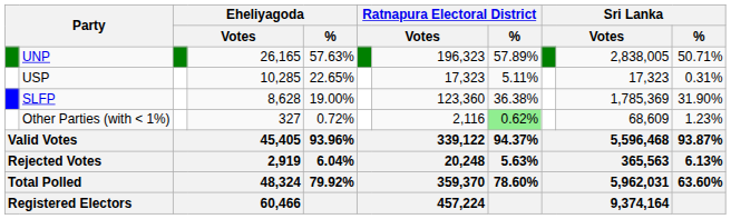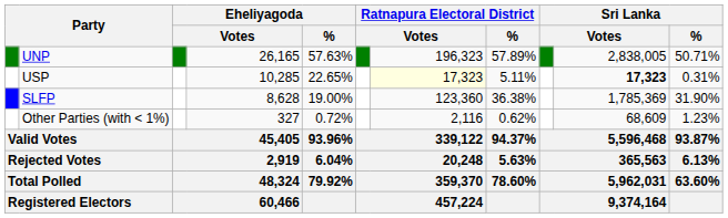 <table class="wikitable">
 <tr>
 <th colspan="2" width="144px"rowspan="2">Party</th>
 <th colspan="3" width="216px">Eheliyagoda</th>
 <th colspan="3" width="216px"><a href='#'>Ratnapura Electoral District</a></th>
 <th colspan="3" width="216px">Sri Lanka</th>
 </tr>
 <tr>
 <th colspan="2" width="144px">Votes</th>
 <th>%</th>
 <th colspan="2" width="144px">Votes</th>
 <th>%</th>
 <th colspan="2" width="144px">Votes</th>
 <th>%</th>
 </tr>
 <tr>
 <td style="background-color:green;" width="10px"></td>
 <td style="text-align:left;"><a href='#'>UNP</a></td>
 <td style="background-color:green;" width="10px"></td>
 <td style="text-align:right;">26,165</td>
 <td style="text-align:right;">57.63%</td>
 <td style="background-color:green;" width="10px"></td>
 <td style="text-align:right;">196,323</td>
 <td style="text-align:right;">57.89%</td>
 <td style="background-color:green;" width="10px"></td>
 <td style="text-align:right;">2,838,005</td>
 <td style="text-align:right;">50.71%</td>
 </tr>
 <tr>
 <td style="background-color:white;" width="10px"></td>
 <td style="text-align:left;">USP</td>
 <td style="background-color:white;" width="10px"></td>
 <td style="text-align:right;">10,285</td>
 <td style="text-align:right;">22.65%</td>
 <td style="background-color:white;" width="10px"></td>
-<td style="text-align:right;">17,323</td>
+<td style="background: lightyellow; text-align:right;">17,323</td>
 <td style="text-align:right;">5.11%</td>
 <td style="background-color:white;" width="10px"></td>
-<td style="text-align:right;">17,323</td>
+<td style="text-align:right;"><strong>17,323</strong></td>
 <td style="text-align:right;">0.31%</td>
 </tr>
 <tr>
 <td style="background-color:blue;" width="10px"></td>
 <td style="text-align:left;"><a href='#'>SLFP</a></td>
 <td style="background-color:white;" width="10px"></td>
 <td style="text-align:right;">8,628</td>
 <td style="text-align:right;">19.00%</td>
 <td style="background-color:white;" width="10px"></td>
 <td style="text-align:right;">123,360</td>
 <td style="text-align:right;">36.38%</td>
 <td style="background-color:white;" width="10px"></td>
 <td style="text-align:right;">1,785,369</td>
 <td style="text-align:right;">31.90%</td>
 </tr>
 <tr>
 <td style="background-color:white;" width="10px"></td>
 <td style="text-align:left;">Other Parties (with < 1%)</td>
 <td style="background-color:white;" width="10px"></td>
 <td style="text-align:right;">327</td>
 <td style="text-align:right;">0.72%</td>
 <td style="background-color:white;" width="10px"></td>
 <td style="text-align:right;">2,116</td>
-<td style="background: lightgreen; text-align:right;">0.62%</td>
+<td style="text-align:right;">0.62%</td>
 <td style="background-color:white;" width="10px"></td>
 <td style="text-align:right;">68,609</td>
 <td style="text-align:right;">1.23%</td>
 </tr>
 <tr>
 <th colspan="2" width="144px"style="text-align:left;">Valid Votes</th>
 <th style="text-align:right;"colspan="2" width="144px">45,405</th>
 <th style="text-align:right;">93.96%</th>
 <th style="text-align:right;"colspan="2" width="144px">339,122</th>
 <th style="text-align:right;">94.37%</th>
 <th style="text-align:right;"colspan="2" width="144px">5,596,468</th>
 <th style="text-align:right;">93.87%</th>
 </tr>
 <tr>
 <th colspan="2" width="144px"style="text-align:left;">Rejected Votes</th>
 <th style="text-align:right;"colspan="2" width="144px">2,919</th>
 <th style="text-align:right;">6.04%</th>
 <th style="text-align:right;"colspan="2" width="144px">20,248</th>
 <th style="text-align:right;">5.63%</th>
 <th style="text-align:right;"colspan="2" width="144px">365,563</th>
 <th style="text-align:right;">6.13%</th>
 </tr>
 <tr>
 <th colspan="2" width="144px"style="text-align:left;">Total Polled</th>
 <th style="text-align:right;"colspan="2" width="144px">48,324</th>
 <th style="text-align:right;">79.92%</th>
 <th style="text-align:right;"colspan="2" width="144px">359,370</th>
 <th style="text-align:right;">78.60%</th>
 <th style="text-align:right;"colspan="2" width="144px">5,962,031</th>
 <th style="text-align:right;">63.60%</th>
 </tr>
 <tr>
 <th colspan="2" width="144px"style="text-align:left;">Registered Electors</th>
 <th style="text-align:right;"colspan="2" width="144px">60,466</th>
 <th></th>
 <th style="text-align:right;"colspan="2" width="144px">457,224</th>
 <th></th>
 <th style="text-align:right;"colspan="2" width="144px">9,374,164</th>
 <th></th>
 </tr>
 </table>
